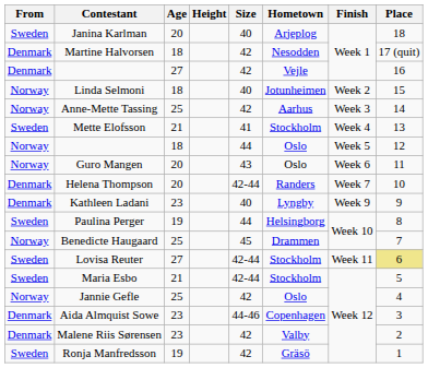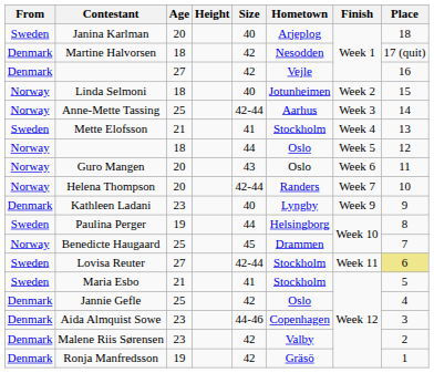 <table class="wikitable sortable" style="text-align:center;">
 <tr>
 <th>From</th>
 <th>Contestant</th>
 <th>Age</th>
 <th>Height</th>
 <th>Size</th>
 <th>Hometown</th>
 <th>Finish</th>
 <th>Place</th>
 </tr>
 <tr>
 <td><a href='#'>Sweden</a></td>
 <td>Janina Karlman</td>
 <td>20</td>
 <td></td>
 <td>40</td>
 <td><a href='#'>Arjeplog</a></td>
 <td rowspan="3">Week 1</td>
 <td>18</td>
 </tr>
 <tr>
 <td><a href='#'>Denmark</a></td>
 <td>Martine Halvorsen</td>
 <td>18</td>
 <td></td>
 <td>42</td>
 <td><a href='#'>Nesodden</a></td>
 <td>17 (quit)</td>
 </tr>
 <tr>
 <td><a href='#'>Denmark</a></td>
 <td></td>
 <td>27</td>
 <td></td>
 <td>42</td>
 <td><a href='#'>Vejle</a></td>
 <td>16</td>
 </tr>
 <tr>
 <td><a href='#'>Norway</a></td>
 <td>Linda Selmoni</td>
 <td>18</td>
 <td></td>
 <td>40</td>
 <td><a href='#'>Jotunheimen</a></td>
 <td>Week 2</td>
 <td>15</td>
 </tr>
 <tr>
 <td><a href='#'>Norway</a></td>
 <td>Anne-Mette Tassing</td>
 <td>25</td>
 <td></td>
-<td>42</td>
+<td>42-44</td>
 <td><a href='#'>Aarhus</a></td>
 <td>Week 3</td>
 <td>14</td>
 </tr>
 <tr>
 <td><a href='#'>Sweden</a></td>
 <td>Mette Elofsson</td>
 <td>21</td>
 <td></td>
 <td>41</td>
 <td><a href='#'>Stockholm</a></td>
 <td>Week 4</td>
 <td>13</td>
 </tr>
 <tr>
 <td><a href='#'>Norway</a></td>
 <td></td>
 <td>18</td>
 <td></td>
 <td>44</td>
 <td><a href='#'>Oslo</a></td>
 <td>Week 5</td>
 <td>12</td>
 </tr>
 <tr>
 <td><a href='#'>Norway</a></td>
 <td>Guro Mangen</td>
 <td>20</td>
 <td></td>
 <td>43</td>
 <td>Oslo</td>
 <td>Week 6</td>
 <td>11</td>
 </tr>
 <tr>
-<td><a href='#'>Denmark</a></td>
+<td><a href='#'>Norway</a></td>
 <td>Helena Thompson</td>
 <td>20</td>
 <td></td>
 <td>42-44</td>
 <td><a href='#'>Randers</a></td>
 <td>Week 7</td>
 <td>10</td>
 </tr>
 <tr>
 <td><a href='#'>Denmark</a></td>
 <td>Kathleen Ladani</td>
 <td>23</td>
 <td></td>
 <td>40</td>
 <td><a href='#'>Lyngby</a></td>
 <td>Week 9</td>
 <td>9</td>
 </tr>
 <tr>
 <td><a href='#'>Sweden</a></td>
 <td>Paulina Perger</td>
 <td>19</td>
 <td></td>
 <td>44</td>
 <td><a href='#'>Helsingborg</a></td>
 <td rowspan="2">Week 10</td>
 <td>8</td>
 </tr>
 <tr>
 <td><a href='#'>Norway</a></td>
 <td>Benedicte Haugaard</td>
 <td>25</td>
 <td></td>
 <td>45</td>
 <td><a href='#'>Drammen</a></td>
 <td>7</td>
 </tr>
 <tr>
 <td><a href='#'>Sweden</a></td>
 <td>Lovisa Reuter</td>
 <td>27</td>
 <td></td>
 <td>42-44</td>
 <td><a href='#'>Stockholm</a></td>
 <td>Week 11</td>
 <td style="background: khaki;">6</td>
 </tr>
 <tr>
 <td><a href='#'>Sweden</a></td>
 <td>Maria Esbo</td>
 <td>21</td>
 <td></td>
-<td>42-44</td>
+<td>41</td>
 <td><a href='#'>Stockholm</a></td>
 <td rowspan="5">Week 12</td>
 <td>5</td>
 </tr>
 <tr>
-<td><a href='#'>Norway</a></td>
+<td><a href='#'>Denmark</a></td>
 <td>Jannie Gefle</td>
 <td>25</td>
 <td></td>
 <td>42</td>
 <td><a href='#'>Oslo</a></td>
 <td>4</td>
 </tr>
 <tr>
 <td><a href='#'>Denmark</a></td>
 <td>Aida Almquist Sowe</td>
 <td>23</td>
 <td></td>
 <td>44-46</td>
 <td><a href='#'>Copenhagen</a></td>
 <td>3</td>
 </tr>
 <tr>
 <td><a href='#'>Denmark</a></td>
 <td>Malene Riis Sørensen</td>
 <td>23</td>
 <td></td>
 <td>42</td>
 <td><a href='#'>Valby</a></td>
 <td>2</td>
 </tr>
 <tr>
-<td><a href='#'>Sweden</a></td>
+<td><a href='#'>Denmark</a></td>
 <td>Ronja Manfredsson</td>
 <td>19</td>
 <td></td>
 <td>42</td>
 <td><a href='#'>Gräsö</a></td>
 <td>1</td>
 </tr>
 </table>
